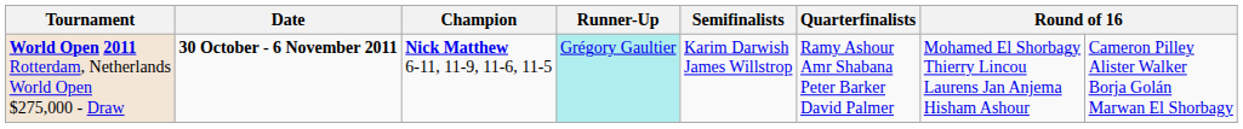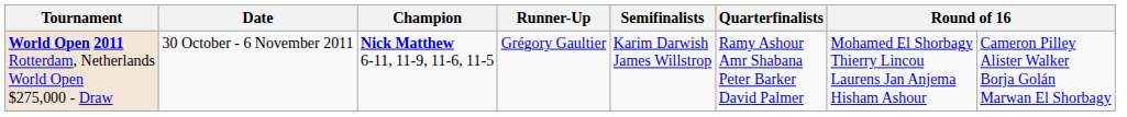 <table class="wikitable" style="font-size:88%">
 <tr>
 <th>Tournament</th>
 <th>Date</th>
 <th>Champion</th>
 <th>Runner-Up</th>
 <th>Semifinalists</th>
 <th>Quarterfinalists</th>
 <th colspan=2>Round of 16</th>
 </tr>
 <tr valign=top>
 <td style="background:#F3E6D7;"><strong><a href='#'>World Open</a> <a href='#'>2011</a></strong><br> <a href='#'>Rotterdam</a>, Netherlands<br><a href='#'>World Open</a><br>$275,000 - <a href='#'>Draw</a></td>
-<td><strong>30 October - 6 November 2011</strong></td>
+<td>30 October - 6 November 2011</td>
 <td> <strong><a href='#'>Nick Matthew</a></strong><br>6-11, 11-9, 11-6, 11-5</td>
-<td style="background: paleturquoise;"> <a href='#'>Grégory Gaultier</a></td>
+<td> <a href='#'>Grégory Gaultier</a></td>
 <td> <a href='#'>Karim Darwish</a><br> <a href='#'>James Willstrop</a></td>
 <td> <a href='#'>Ramy Ashour</a><br> <a href='#'>Amr Shabana</a><br> <a href='#'>Peter Barker</a><br> <a href='#'>David Palmer</a></td>
 <td> <a href='#'>Mohamed El Shorbagy</a><br> <a href='#'>Thierry Lincou</a><br> <a href='#'>Laurens Jan Anjema</a><br> <a href='#'>Hisham Ashour</a></td>
 <td> <a href='#'>Cameron Pilley</a><br> <a href='#'>Alister Walker</a><br> <a href='#'>Borja Golán</a><br> <a href='#'>Marwan El Shorbagy</a></td>
 </tr>
 </table>
